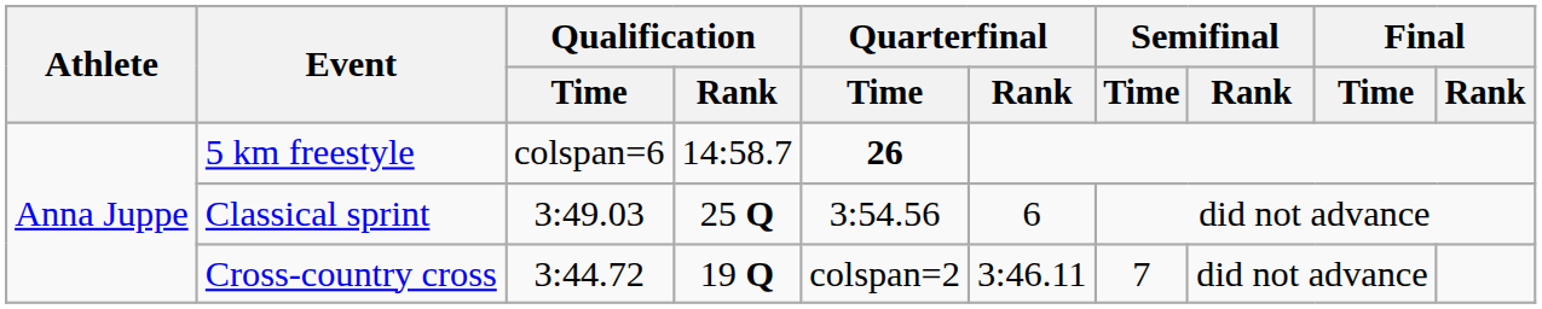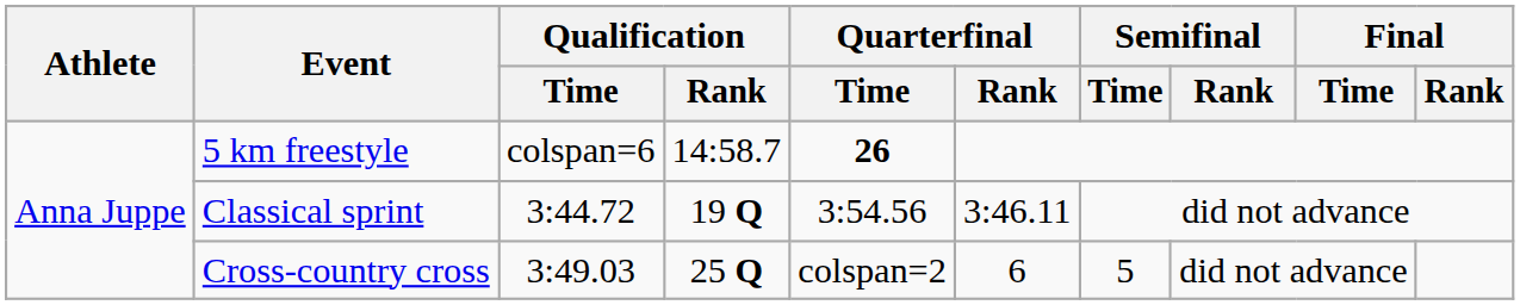 <table class="wikitable" style="font-size:90%">
 <tr>
 <th rowspan="2">Athlete</th>
 <th rowspan="2">Event</th>
 <th colspan="2">Qualification</th>
 <th colspan="2">Quarterfinal</th>
 <th colspan="2">Semifinal</th>
 <th colspan="2">Final</th>
 </tr>
 <tr style="font-size:95%">
 <th>Time</th>
 <th>Rank</th>
 <th>Time</th>
 <th>Rank</th>
 <th>Time</th>
 <th>Rank</th>
 <th>Time</th>
 <th>Rank</th>
 </tr>
 <tr align=center>
 <td align=left rowspan=3><a href='#'>Anna Juppe</a></td>
 <td align=left><a href='#'>5 km freestyle</a></td>
 <td>colspan=6 </td>
 <td>14:58.7</td>
 <td><strong>26</strong></td>
 </tr>
 <tr align=center>
 <td align=left><a href='#'>Classical sprint</a></td>
-<td>3:49.03</td>
-<td>25 <strong>Q</strong></td>
+<td>3:44.72</td>
+<td>19 <strong>Q</strong></td>
 <td>3:54.56</td>
-<td>6</td>
+<td>3:46.11</td>
 <td colspan=4>did not advance</td>
 </tr>
 <tr align=center>
 <td align=left><a href='#'>Cross-country cross</a></td>
-<td>3:44.72</td>
-<td>19 <strong>Q</strong></td>
+<td>3:49.03</td>
+<td>25 <strong>Q</strong></td>
 <td>colspan=2 </td>
-<td>3:46.11</td>
-<td>7</td>
+<td>6</td>
+<td>5</td>
 <td colspan=2>did not advance</td>
 </tr>
 </table>
